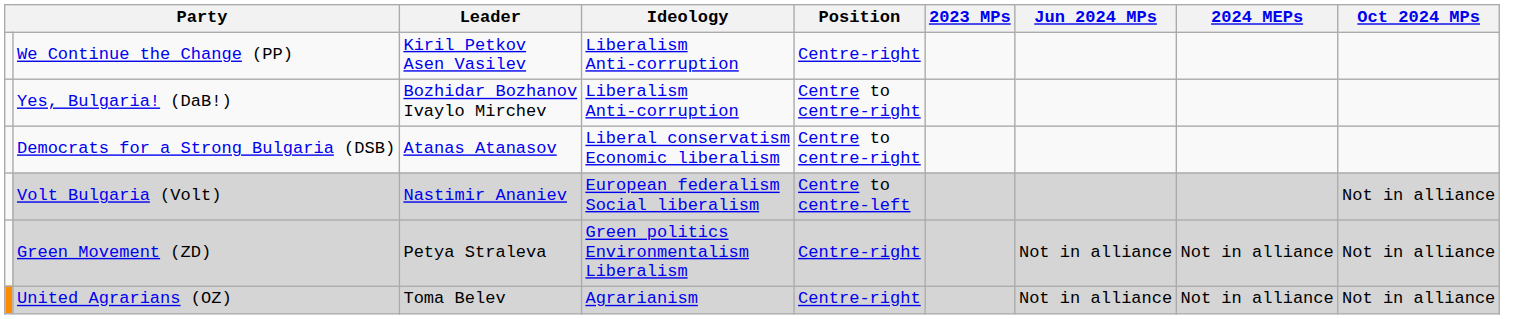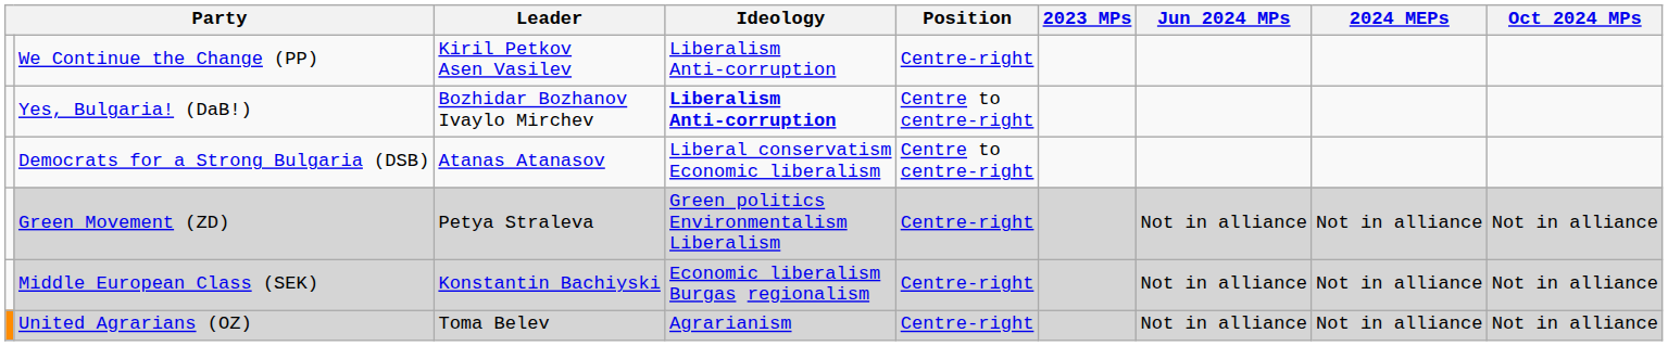 <table class="wikitable" style="font-size:95%; white-space: nowrap">
 <tr>
 <th style="width:200px" colspan="2">Party</th>
 <th style="width:100px">Leader</th>
 <th style="width:120px">Ideology</th>
 <th style="width:100px">Position</th>
 <th><a href='#'>2023 MPs</a></th>
 <th><a href='#'>Jun 2024 MPs</a></th>
 <th><a href='#'>2024 MEPs</a></th>
 <th><a href='#'>Oct 2024 MPs</a></th>
 </tr>
 <tr>
 <td style="background:"></td>
 <td><a href='#'>We Continue the Change</a> (PP)</td>
 <td><a href='#'>Kiril Petkov</a><br><a href='#'>Asen Vasilev</a></td>
 <td><a href='#'>Liberalism</a><br><a href='#'>Anti-corruption</a></td>
 <td><a href='#'>Centre-right</a></td>
 <td></td>
 <td></td>
 <td></td>
 <td></td>
 </tr>
 <tr>
 <td></td>
 <td><a href='#'>Yes, Bulgaria!</a> (DaB!)</td>
 <td><a href='#'>Bozhidar Bozhanov</a><br>Ivaylo Mirchev</td>
-<td><a href='#'>Liberalism</a><br><a href='#'>Anti-corruption</a></td>
+<td><strong><a href='#'>Liberalism</a><br><a href='#'>Anti-corruption</a></strong></td>
 <td><a href='#'>Centre</a> to<br><a href='#'>centre-right</a></td>
 <td></td>
 <td></td>
 <td></td>
 <td></td>
 </tr>
 <tr>
 <td></td>
 <td><a href='#'>Democrats for a Strong Bulgaria</a> (DSB)</td>
 <td><a href='#'>Atanas Atanasov</a></td>
 <td><a href='#'>Liberal conservatism</a><br><a href='#'>Economic liberalism</a></td>
 <td><a href='#'>Centre</a> to<br><a href='#'>centre-right</a></td>
 <td></td>
 <td></td>
 <td></td>
 <td></td>
 </tr>
 <tr>
 <td style="background:"></td>
-<td style="background:#D5D5D5"><a href='#'>Volt Bulgaria</a> (Volt)</td>
-<td style="background:#D5D5D5"><a href='#'>Nastimir Ananiev</a></td>
-<td style="background:#D5D5D5"><a href='#'>European federalism</a><br><a href='#'>Social liberalism</a></td>
-<td style="background:#D5D5D5"><a href='#'>Centre</a> to<br><a href='#'>centre-left</a></td>
+<td style="background:#D5D5D5"><a href='#'>Green Movement</a> (ZD)</td>
+<td style="background:#D5D5D5">Petya Straleva</td>
+<td style="background:#D5D5D5"><a href='#'>Green politics</a><br><a href='#'>Environmentalism</a><br><a href='#'>Liberalism</a></td>
+<td style="background:#D5D5D5"><a href='#'>Centre-right</a></td>
 <td style="background:#D5D5D5"></td>
-<td style="background:#D5D5D5"></td>
-<td style="background:#D5D5D5"></td>
+<td style="background:#D5D5D5;">Not in alliance</td>
+<td style="background:#D5D5D5;">Not in alliance</td>
 <td style="background:#D5D5D5;">Not in alliance</td>
 </tr>
 <tr>
 <td style="background:"></td>
-<td style="background:#D5D5D5"><a href='#'>Green Movement</a> (ZD)</td>
-<td style="background:#D5D5D5">Petya Straleva</td>
-<td style="background:#D5D5D5"><a href='#'>Green politics</a><br><a href='#'>Environmentalism</a><br><a href='#'>Liberalism</a></td>
+<td style="background:#D5D5D5"><a href='#'>Middle European Class</a> (SEK)</td>
+<td style="background:#D5D5D5"><a href='#'>Konstantin Bachiyski</a></td>
+<td style="background:#D5D5D5"><a href='#'>Economic liberalism</a><br><a href='#'>Burgas</a> <a href='#'>regionalism</a></td>
 <td style="background:#D5D5D5"><a href='#'>Centre-right</a></td>
 <td style="background:#D5D5D5"></td>
 <td style="background:#D5D5D5;">Not in alliance</td>
 <td style="background:#D5D5D5;">Not in alliance</td>
 <td style="background:#D5D5D5;">Not in alliance</td>
 </tr>
 <tr>
 <td style="background:#FF8C00"></td>
 <td style="background:#D5D5D5"><a href='#'>United Agrarians</a> (OZ)</td>
 <td style="background:#D5D5D5">Toma Belev</td>
 <td style="background:#D5D5D5"><a href='#'>Agrarianism</a></td>
 <td style="background:#D5D5D5"><a href='#'>Centre-right</a></td>
 <td style="background:#D5D5D5"></td>
 <td style="background:#D5D5D5;">Not in alliance</td>
 <td style="background:#D5D5D5;">Not in alliance</td>
 <td style="background:#D5D5D5;">Not in alliance</td>
 </tr>
 </table>
